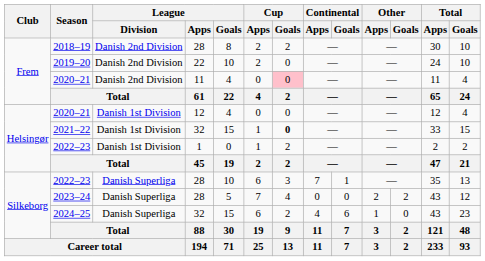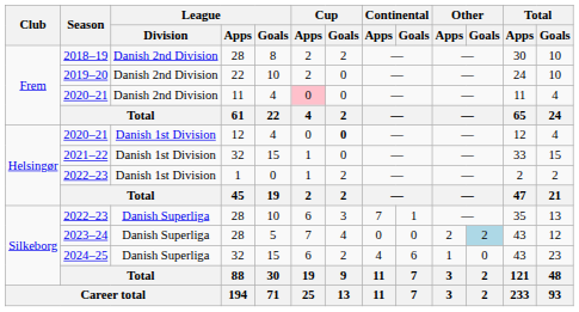 <table class="wikitable" style="text-align: center">
 <tr>
 <th rowspan="2">Club</th>
 <th rowspan="2">Season</th>
 <th colspan="3">League</th>
 <th colspan="2">Cup</th>
 <th colspan="2">Continental</th>
 <th colspan="2">Other</th>
 <th colspan="2">Total</th>
 </tr>
 <tr>
 <th>Division</th>
 <th>Apps</th>
 <th>Goals</th>
 <th>Apps</th>
 <th>Goals</th>
 <th>Apps</th>
 <th>Goals</th>
 <th>Apps</th>
 <th>Goals</th>
 <th>Apps</th>
 <th>Goals</th>
 </tr>
 <tr>
 <td rowspan="4"><a href='#'>Frem</a></td>
 <td><a href='#'>2018–19</a></td>
 <td><a href='#'>Danish 2nd Division</a></td>
 <td>28</td>
 <td>8</td>
 <td>2</td>
 <td>2</td>
 <td colspan="2">—</td>
 <td colspan="2">—</td>
 <td>30</td>
 <td>10</td>
 </tr>
 <tr>
 <td><a href='#'>2019–20</a></td>
 <td>Danish 2nd Division</td>
 <td>22</td>
 <td>10</td>
 <td>2</td>
 <td>0</td>
 <td colspan="2">—</td>
 <td colspan="2">—</td>
 <td>24</td>
 <td>10</td>
 </tr>
 <tr>
 <td><a href='#'>2020–21</a></td>
 <td>Danish 2nd Division</td>
 <td>11</td>
 <td>4</td>
+<td style="background: pink;">0</td>
 <td>0</td>
-<td style="background: pink;">0</td>
 <td colspan="2">—</td>
 <td colspan="2">—</td>
 <td>11</td>
 <td>4</td>
 </tr>
 <tr>
 <th colspan="2">Total</th>
 <th>61</th>
 <th>22</th>
 <th>4</th>
 <th>2</th>
 <th colspan="2">—</th>
 <th colspan="2">—</th>
 <th>65</th>
 <th>24</th>
 </tr>
 <tr>
 <td rowspan="4"><a href='#'>Helsingør</a></td>
 <td><a href='#'>2020–21</a></td>
 <td><a href='#'>Danish 1st Division</a></td>
 <td>12</td>
 <td>4</td>
 <td>0</td>
-<td>0</td>
+<td><strong>0</strong></td>
 <td colspan="2">—</td>
 <td colspan="2">—</td>
 <td>12</td>
 <td>4</td>
 </tr>
 <tr>
 <td><a href='#'>2021–22</a></td>
 <td>Danish 1st Division</td>
 <td>32</td>
 <td>15</td>
 <td>1</td>
-<td><strong>0</strong></td>
+<td>0</td>
 <td colspan="2">—</td>
 <td colspan="2">—</td>
 <td>33</td>
 <td>15</td>
 </tr>
 <tr>
 <td><a href='#'>2022–23</a></td>
 <td>Danish 1st Division</td>
 <td>1</td>
 <td>0</td>
 <td>1</td>
 <td>2</td>
 <td colspan="2">—</td>
 <td colspan="2">—</td>
 <td>2</td>
 <td>2</td>
 </tr>
 <tr>
 <th colspan="2">Total</th>
 <th>45</th>
 <th>19</th>
 <th>2</th>
 <th>2</th>
 <th colspan="2">—</th>
 <th colspan="2">—</th>
 <th>47</th>
 <th>21</th>
 </tr>
 <tr>
 <td rowspan=4><a href='#'>Silkeborg</a></td>
 <td><a href='#'>2022–23</a></td>
 <td><a href='#'>Danish Superliga</a></td>
 <td>28</td>
 <td>10</td>
 <td>6</td>
 <td>3</td>
 <td>7</td>
 <td>1</td>
 <td colspan="2">—</td>
 <td>35</td>
 <td>13</td>
 </tr>
 <tr>
 <td><a href='#'>2023–24</a></td>
 <td>Danish Superliga</td>
 <td>28</td>
 <td>5</td>
 <td>7</td>
 <td>4</td>
 <td>0</td>
 <td>0</td>
 <td>2</td>
-<td>2</td>
+<td style="background: lightblue;">2</td>
 <td>43</td>
 <td>12</td>
 </tr>
 <tr>
 <td><a href='#'>2024–25</a></td>
 <td>Danish Superliga</td>
 <td>32</td>
 <td>15</td>
 <td>6</td>
 <td>2</td>
 <td>4</td>
 <td>6</td>
 <td>1</td>
 <td>0</td>
 <td>43</td>
 <td>23</td>
 </tr>
 <tr>
 <th colspan="2">Total</th>
 <th>88</th>
 <th>30</th>
 <th>19</th>
 <th>9</th>
 <th>11</th>
 <th>7</th>
 <th>3</th>
 <th>2</th>
 <th>121</th>
 <th>48</th>
 </tr>
 <tr>
 <th colspan="3">Career total</th>
 <th>194</th>
 <th>71</th>
 <th>25</th>
 <th>13</th>
 <th>11</th>
 <th>7</th>
 <th>3</th>
 <th>2</th>
 <th>233</th>
 <th>93</th>
 </tr>
 </table>
